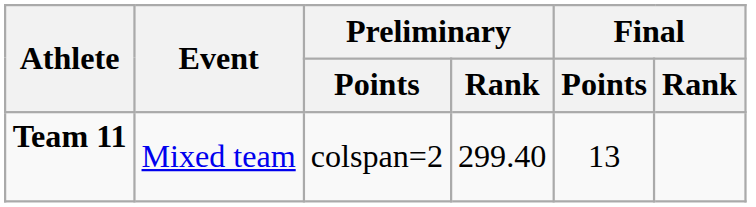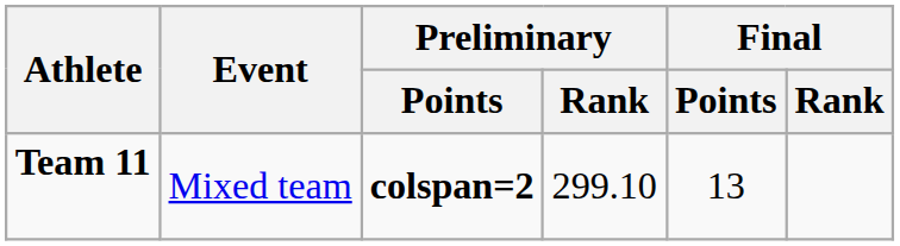 <table class="wikitable" style="font-size:90%;">
 <tr>
 <th rowspan=2>Athlete</th>
 <th rowspan=2>Event</th>
 <th colspan=2>Preliminary</th>
 <th colspan=2>Final</th>
 </tr>
 <tr>
 <th>Points</th>
 <th>Rank</th>
 <th>Points</th>
 <th>Rank</th>
 </tr>
 <tr align=center>
 <td align=left><strong>Team 11</strong> <br><br></td>
 <td align=left rowspan=2><a href='#'>Mixed team</a></td>
-<td>colspan=2 </td>
-<td>299.40</td>
+<td><strong>colspan=2 </strong></td>
+<td>299.10</td>
 <td>13</td>
 </tr>
 </table>
